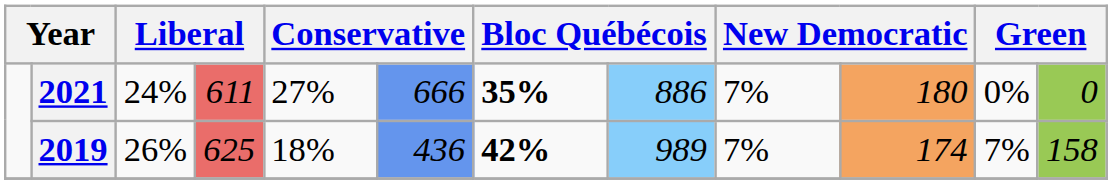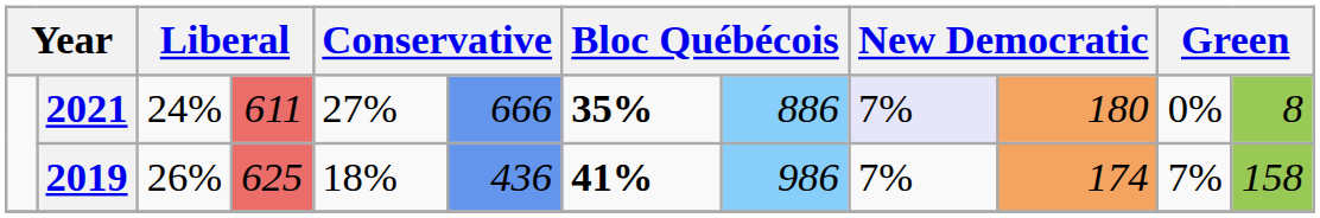 <table class="wikitable" style="float:right; width:400; font-size:90%; margin-left:1em;">
 <tr>
 <th colspan="2" scope="col">Year</th>
 <th colspan="2" scope="col"><a href='#'>Liberal</a></th>
 <th colspan="2" scope="col"><a href='#'>Conservative</a></th>
 <th colspan="2" scope="col"><a href='#'>Bloc Québécois</a></th>
 <th colspan="2" scope="col"><a href='#'>New Democratic</a></th>
 <th colspan="2" scope="col"><a href='#'>Green</a></th>
 </tr>
 <tr>
 <td rowspan="2" style="width: 0.25em; background-color: "></td>
 <th><a href='#'>2021</a></th>
 <td>24%</td>
 <td style="text-align:right; background:#EA6D6A;"><em>611</em></td>
 <td>27%</td>
 <td style="text-align:right; background:#6495ED;"><em>666</em></td>
 <td><strong>35%</strong></td>
 <td style="text-align:right; background:#87CEFA;"><em>886</em></td>
-<td>7%</td>
+<td style="background: lavender;">7%</td>
 <td style="text-align:right; background:#F4A460;"><em>180</em></td>
 <td>0%</td>
-<td style="text-align:right; background:#99C955;"><em>0</em></td>
+<td style="text-align:right; background:#99C955;"><em>8</em></td>
 </tr>
 <tr>
 <th><a href='#'>2019</a></th>
 <td>26%</td>
 <td style="text-align:right; background:#EA6D6A;"><em>625</em></td>
 <td>18%</td>
 <td style="text-align:right; background:#6495ED;"><em>436</em></td>
-<td><strong>42%</strong></td>
-<td style="text-align:right; background:#87CEFA;"><em>989</em></td>
+<td><strong>41%</strong></td>
+<td style="text-align:right; background:#87CEFA;"><em>986</em></td>
 <td>7%</td>
 <td style="text-align:right; background:#F4A460;"><em>174</em></td>
 <td>7%</td>
 <td style="text-align:right; background:#99C955;"><em>158</em></td>
 </tr>
 <tr>
 </tr>
 </table>
